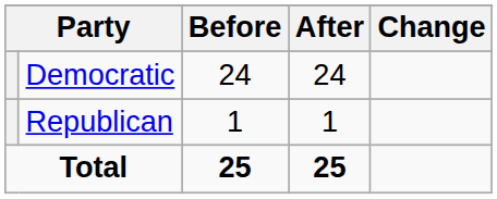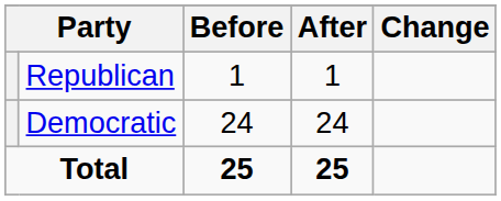 <table class="wikitable" style="text-align:center;">
 <tr>
 </tr>
 <tr>
 <th colspan=2>Party</th>
 <th>Before</th>
 <th>After</th>
 <th>Change</th>
 </tr>
 <tr>
 <th style="background-color:"></th>
-<td style="text-align:left;"><a href='#'>Democratic</a></td>
-<td>24</td>
-<td>24</td>
+<td style="text-align:left;"><a href='#'>Republican</a></td>
+<td>1</td>
+<td>1</td>
 <td></td>
 </tr>
 <tr>
 <th style="background-color:"></th>
-<td style="text-align:left;"><a href='#'>Republican</a></td>
-<td>1</td>
-<td>1</td>
+<td style="text-align:left;"><a href='#'>Democratic</a></td>
+<td>24</td>
+<td>24</td>
 <td></td>
 </tr>
 <tr>
 <td colspan=2><strong>Total</strong></td>
 <td><strong>25</strong></td>
 <td><strong>25</strong></td>
 <td></td>
 </tr>
 </table>
